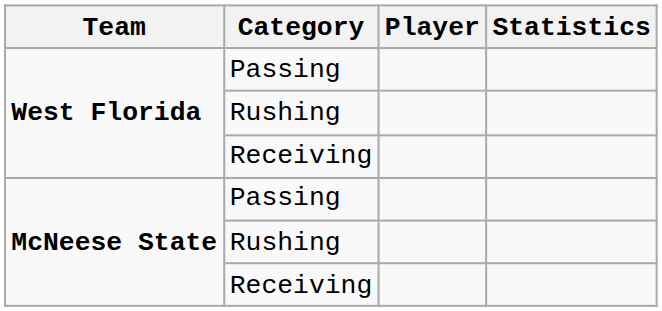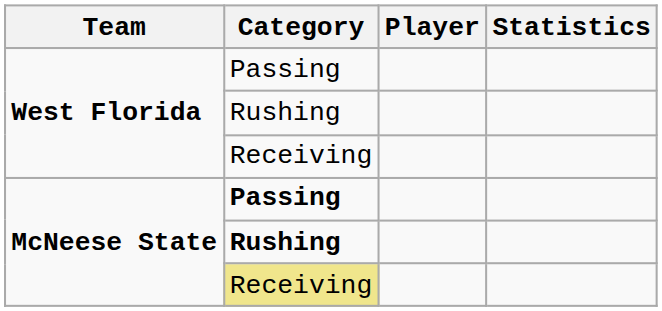 <table class="wikitable" style="float: left;">
 <tr>
 <th>Team</th>
 <th>Category</th>
 <th>Player</th>
 <th>Statistics</th>
 </tr>
 <tr>
 <td rowspan=3><strong>West Florida</strong></td>
 <td>Passing</td>
 <td> </td>
 <td> </td>
 </tr>
 <tr>
 <td>Rushing</td>
 <td> </td>
 <td> </td>
 </tr>
 <tr>
 <td>Receiving</td>
 <td> </td>
 <td> </td>
 </tr>
 <tr>
 <td rowspan=3><strong>McNeese State</strong></td>
-<td>Passing</td>
+<td><strong>Passing</strong></td>
 <td> </td>
 <td> </td>
 </tr>
 <tr>
-<td>Rushing</td>
+<td><strong>Rushing</strong></td>
 <td> </td>
 <td> </td>
 </tr>
 <tr>
-<td>Receiving</td>
+<td style="background: khaki;">Receiving</td>
 <td> </td>
 <td> </td>
 </tr>
 </table>
